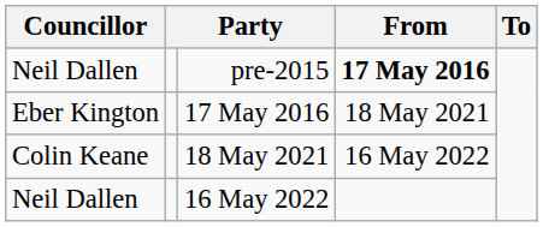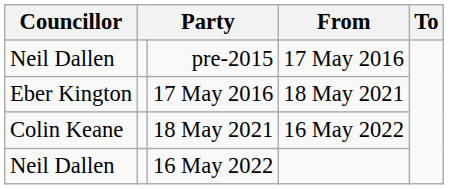 <table class=wikitable>
 <tr>
 <th>Councillor</th>
 <th colspan=2>Party</th>
 <th>From</th>
 <th>To</th>
 </tr>
 <tr>
 <td>Neil Dallen</td>
 <td></td>
 <td align=right>pre-2015</td>
-<td align=right><strong>17 May 2016</strong></td>
+<td align=right>17 May 2016</td>
 </tr>
 <tr>
 <td>Eber Kington</td>
 <td></td>
 <td align=right>17 May 2016</td>
 <td align=right>18 May 2021</td>
 </tr>
 <tr>
 <td>Colin Keane</td>
 <td></td>
 <td align=right>18 May 2021</td>
 <td align=right>16 May 2022</td>
 </tr>
 <tr>
 <td>Neil Dallen</td>
 <td></td>
 <td align=right>16 May 2022</td>
 <td align=right></td>
 </tr>
 </table>
